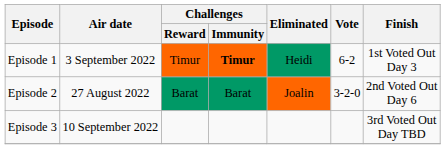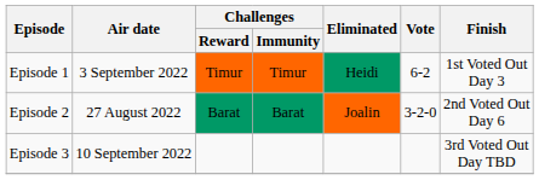 <table class="wikitable" style="margin:auto; text-align:center">
 <tr>
 <th rowspan="2">Episode</th>
 <th rowspan="2">Air date</th>
 <th colspan="2">Challenges</th>
 <th rowspan="2">Eliminated</th>
 <th rowspan="2">Vote</th>
 <th rowspan="2">Finish</th>
 </tr>
 <tr>
 <th>Reward</th>
 <th>Immunity</th>
 </tr>
 <tr>
 <td>Episode 1</td>
 <td>3 September 2022</td>
 <td bgcolor="#ff6600" >Timur</td>
-<td bgcolor="#ff6600" ><strong>Timur</strong></td>
+<td bgcolor="#ff6600" >Timur</td>
 <td bgcolor="#009966" >Heidi</td>
 <td>6-2</td>
 <td>1st Voted Out<br>Day 3</td>
 </tr>
 <tr>
 <td>Episode 2</td>
 <td>27 August 2022</td>
 <td bgcolor="#009966" >Barat</td>
 <td bgcolor="#009966" >Barat</td>
 <td bgcolor="#ff6600" >Joalin</td>
 <td>3-2-0</td>
 <td>2nd Voted Out<br>Day 6</td>
 </tr>
 <tr>
 <td>Episode 3</td>
 <td>10 September 2022</td>
 <td bgcolor=""></td>
 <td bgcolor=""></td>
 <td bgcolor=""></td>
 <td></td>
 <td>3rd Voted Out<br>Day TBD</td>
 </tr>
 <tr>
 </tr>
 </table>
